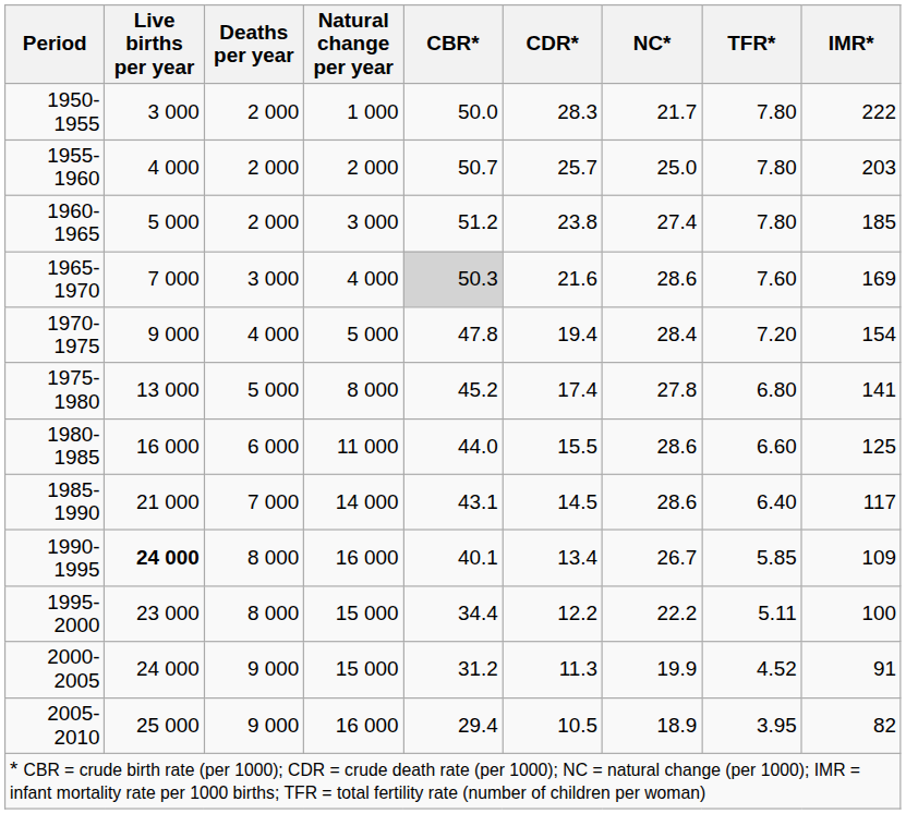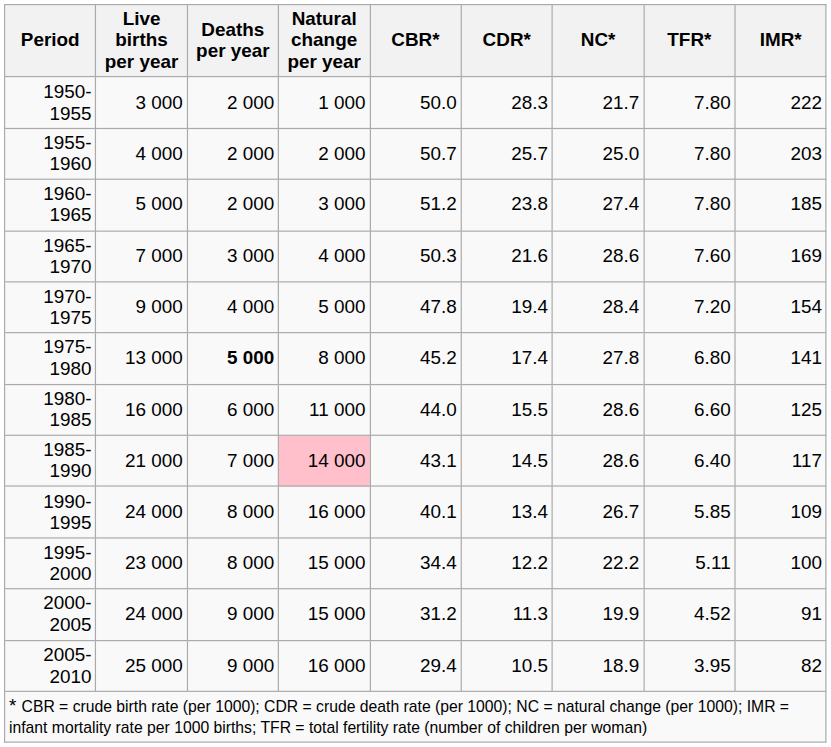 <table class="wikitable" style="text-align: right;">
 <tr>
 <th width="70pt">Period</th>
 <th width="70pt">Live births per year</th>
 <th width="70pt">Deaths per year</th>
 <th width="70pt">Natural change per year</th>
 <th width="70pt">CBR*</th>
 <th width="70pt">CDR*</th>
 <th width="70pt">NC*</th>
 <th width="70pt">TFR*</th>
 <th width="70pt">IMR*</th>
 </tr>
 <tr>
 <td>1950-1955</td>
 <td>3 000</td>
 <td>2 000</td>
 <td>1 000</td>
 <td>50.0</td>
 <td>28.3</td>
 <td>21.7</td>
 <td>7.80</td>
 <td>222</td>
 </tr>
 <tr>
 <td>1955-1960</td>
 <td>4 000</td>
 <td>2 000</td>
 <td>2 000</td>
 <td>50.7</td>
 <td>25.7</td>
 <td>25.0</td>
 <td>7.80</td>
 <td>203</td>
 </tr>
 <tr>
 <td>1960-1965</td>
 <td>5 000</td>
 <td>2 000</td>
 <td>3 000</td>
 <td>51.2</td>
 <td>23.8</td>
 <td>27.4</td>
 <td>7.80</td>
 <td>185</td>
 </tr>
 <tr>
 <td>1965-1970</td>
 <td>7 000</td>
 <td>3 000</td>
 <td>4 000</td>
-<td style="background: lightgrey;">50.3</td>
+<td>50.3</td>
 <td>21.6</td>
 <td>28.6</td>
 <td>7.60</td>
 <td>169</td>
 </tr>
 <tr>
 <td>1970-1975</td>
 <td>9 000</td>
 <td>4 000</td>
 <td>5 000</td>
 <td>47.8</td>
 <td>19.4</td>
 <td>28.4</td>
 <td>7.20</td>
 <td>154</td>
 </tr>
 <tr>
 <td>1975-1980</td>
 <td>13 000</td>
-<td>5 000</td>
+<td><strong>5 000</strong></td>
 <td>8 000</td>
 <td>45.2</td>
 <td>17.4</td>
 <td>27.8</td>
 <td>6.80</td>
 <td>141</td>
 </tr>
 <tr>
 <td>1980-1985</td>
 <td>16 000</td>
 <td>6 000</td>
 <td>11 000</td>
 <td>44.0</td>
 <td>15.5</td>
 <td>28.6</td>
 <td>6.60</td>
 <td>125</td>
 </tr>
 <tr>
 <td>1985-1990</td>
 <td>21 000</td>
 <td>7 000</td>
-<td>14 000</td>
+<td style="background: pink;">14 000</td>
 <td>43.1</td>
 <td>14.5</td>
 <td>28.6</td>
 <td>6.40</td>
 <td>117</td>
 </tr>
 <tr>
 <td>1990-1995</td>
-<td><strong>24 000</strong></td>
+<td>24 000</td>
 <td>8 000</td>
 <td>16 000</td>
 <td>40.1</td>
 <td>13.4</td>
 <td>26.7</td>
 <td>5.85</td>
 <td>109</td>
 </tr>
 <tr>
 <td>1995-2000</td>
 <td>23 000</td>
 <td>8 000</td>
 <td>15 000</td>
 <td>34.4</td>
 <td>12.2</td>
 <td>22.2</td>
 <td>5.11</td>
 <td>100</td>
 </tr>
 <tr>
 <td>2000-2005</td>
 <td>24 000</td>
 <td>9 000</td>
 <td>15 000</td>
 <td>31.2</td>
 <td>11.3</td>
 <td>19.9</td>
 <td>4.52</td>
 <td>91</td>
 </tr>
 <tr>
 <td>2005-2010</td>
 <td>25 000</td>
 <td>9 000</td>
 <td>16 000</td>
 <td>29.4</td>
 <td>10.5</td>
 <td>18.9</td>
 <td>3.95</td>
 <td>82</td>
 </tr>
 <tr>
 <td align="left" colspan="9">* <small> CBR = crude birth rate (per 1000); CDR = crude death rate (per 1000); NC = natural change (per 1000); IMR = infant mortality rate per 1000 births; TFR = total fertility rate (number of children per woman)</small></td>
 </tr>
 </table>
